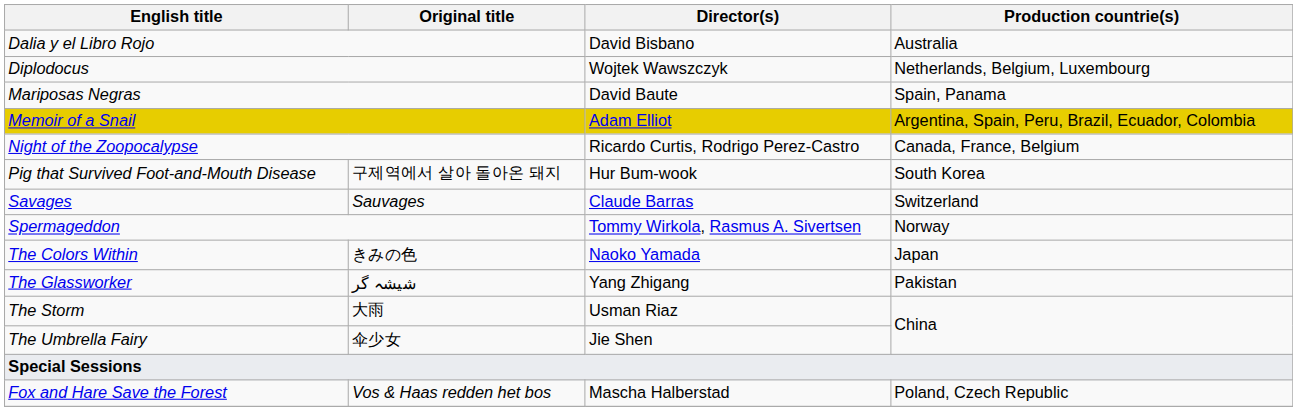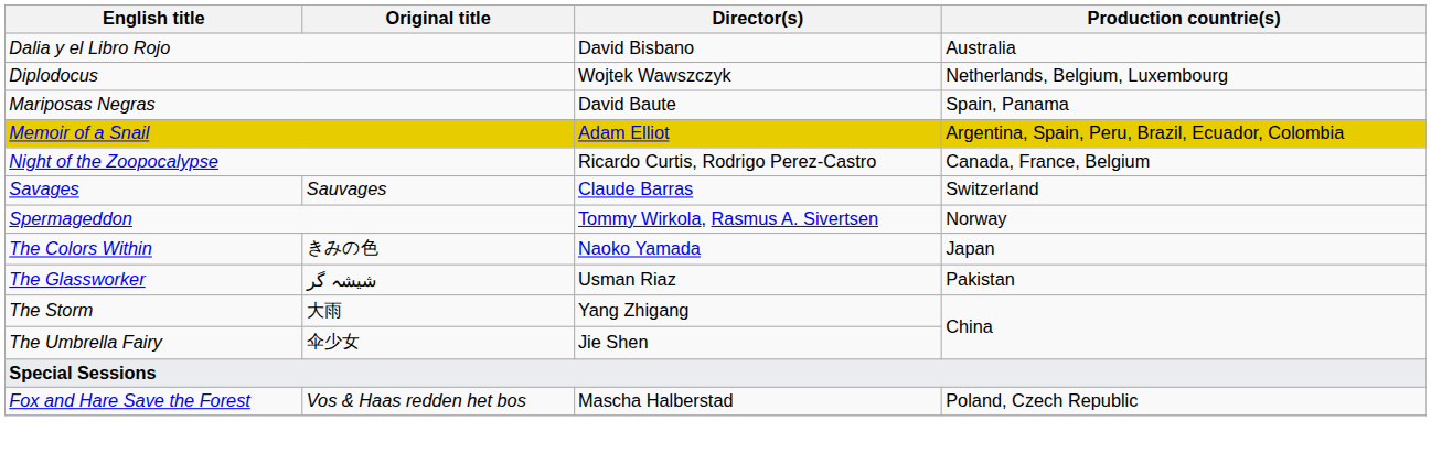 <table class="sortable wikitable" style="width:100%; margin-bottom:4px" cellpadding="5">
 <tr>
 <th scope="col">English title</th>
 <th scope="col">Original title</th>
 <th scope="col">Director(s)</th>
 <th scope="col">Production countrie(s)</th>
 </tr>
 <tr>
 <td colspan="2"><em>Dalia y el Libro Rojo</em></td>
 <td>David Bisbano</td>
 <td>Australia</td>
 </tr>
 <tr>
 <td colspan="2"><em>Diplodocus</em></td>
 <td>Wojtek Wawszczyk</td>
 <td>Netherlands, Belgium, Luxembourg</td>
 </tr>
 <tr>
 <td colspan="2"><em>Mariposas Negras</em></td>
 <td>David Baute</td>
 <td>Spain, Panama</td>
 </tr>
 <tr style="background:#E7CD00;">
 <td colspan="2"><em><a href='#'>Memoir of a Snail</a></em></td>
 <td><a href='#'>Adam Elliot</a></td>
 <td>Argentina, Spain, Peru, Brazil, Ecuador, Colombia</td>
 </tr>
 <tr>
 <td colspan="2"><em><a href='#'>Night of the Zoopocalypse</a></em></td>
 <td>Ricardo Curtis, Rodrigo Perez-Castro</td>
 <td>Canada, France, Belgium</td>
 </tr>
 <tr>
-<td><em>Pig that Survived Foot-and-Mouth Disease</em></td>
-<td>구제역에서 살아 돌아온 돼지</td>
-<td>Hur Bum-wook</td>
-<td>South Korea</td>
-</tr>
-<tr>
 <td><em><a href='#'>Savages</a></em></td>
 <td><em>Sauvages</em></td>
 <td><a href='#'>Claude Barras</a></td>
 <td>Switzerland</td>
 </tr>
 <tr>
 <td colspan="2"><em><a href='#'>Spermageddon</a></em></td>
 <td><a href='#'>Tommy Wirkola</a>, <a href='#'>Rasmus A. Sivertsen</a></td>
 <td>Norway</td>
 </tr>
 <tr>
 <td><em><a href='#'>The Colors Within</a></em></td>
 <td>きみの色</td>
 <td><a href='#'>Naoko Yamada</a></td>
 <td>Japan</td>
 </tr>
 <tr>
 <td><em><a href='#'>The Glassworker</a></em></td>
 <td>شیشہ گر</td>
-<td>Yang Zhigang</td>
+<td>Usman Riaz</td>
 <td>Pakistan</td>
 </tr>
 <tr>
 <td><em>The Storm</em></td>
 <td>大雨</td>
-<td>Usman Riaz</td>
+<td>Yang Zhigang</td>
 <td rowspan="2">China</td>
 </tr>
 <tr>
 <td><em>The Umbrella Fairy</em></td>
 <td>伞少女</td>
 <td>Jie Shen</td>
 </tr>
 <tr>
 <td colspan=4 class="center" style="padding-center:120px; background-color:#EAECF0"><strong>Special Sessions</strong></td>
 </tr>
 <tr>
 <td><em><a href='#'>Fox and Hare Save the Forest</a></em></td>
 <td><em>Vos & Haas redden het bos</em></td>
 <td>Mascha Halberstad</td>
 <td>Poland, Czech Republic</td>
 </tr>
 <tr>
 </tr>
 </table>
